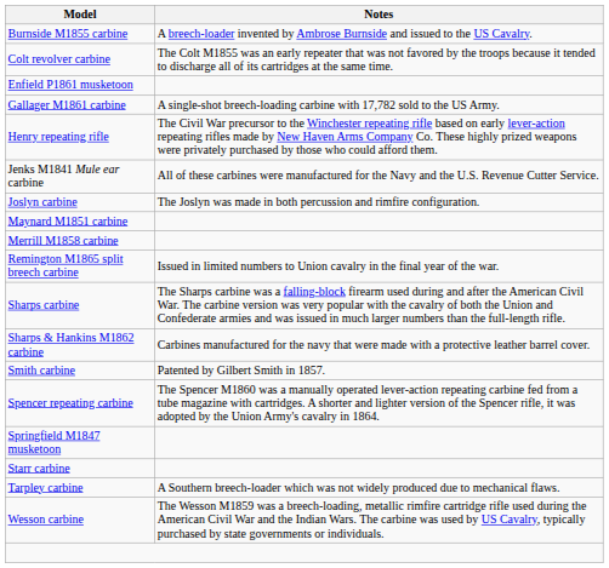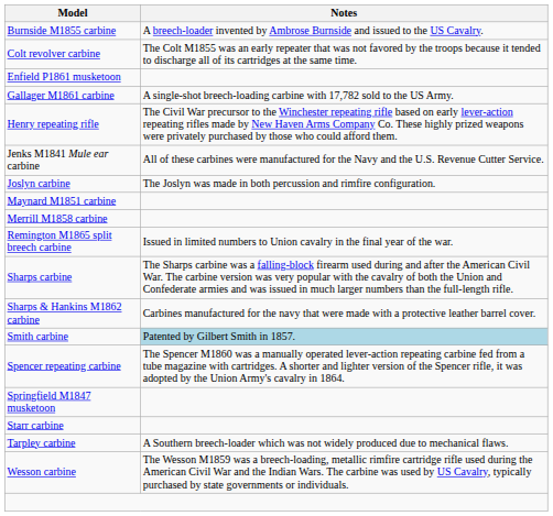 <table class="wikitable" style="width:90%;">
 <tr>
 <th style="width:25%;">Model</th>
 <th>Notes</th>
 </tr>
 <tr>
 <td><a href='#'>Burnside M1855 carbine</a></td>
 <td>A <a href='#'>breech-loader</a> invented by <a href='#'>Ambrose Burnside</a> and issued to the <a href='#'>US Cavalry</a>.</td>
 </tr>
 <tr>
 <td><a href='#'>Colt revolver carbine</a></td>
 <td>The Colt M1855 was an early repeater that was not favored by the troops because it tended to discharge all of its cartridges at the same time.</td>
 </tr>
 <tr>
 <td><a href='#'>Enfield P1861 musketoon</a></td>
 <td></td>
 </tr>
 <tr>
 <td><a href='#'>Gallager M1861 carbine</a></td>
 <td>A single-shot breech-loading carbine with 17,782 sold to the US Army.</td>
 </tr>
 <tr>
 <td><a href='#'>Henry repeating rifle</a></td>
 <td>The Civil War precursor to the <a href='#'>Winchester repeating rifle</a> based on early <a href='#'>lever-action</a> repeating rifles made by <a href='#'>New Haven Arms Company</a> Co. These highly prized weapons were privately purchased by those who could afford them.</td>
 </tr>
 <tr>
 <td>Jenks M1841 <em>Mule ear</em> carbine</td>
 <td>All of these carbines were manufactured for the Navy and the U.S. Revenue Cutter Service.</td>
 </tr>
 <tr>
 <td><a href='#'>Joslyn carbine</a></td>
 <td>The Joslyn was made in both percussion and rimfire configuration.</td>
 </tr>
 <tr>
 <td><a href='#'>Maynard M1851 carbine</a></td>
 <td></td>
 </tr>
 <tr>
 <td><a href='#'>Merrill M1858 carbine</a></td>
 <td></td>
 </tr>
 <tr>
 <td><a href='#'>Remington M1865 split breech carbine</a></td>
 <td>Issued in limited numbers to Union cavalry in the final year of the war.</td>
 </tr>
 <tr>
 <td><a href='#'>Sharps carbine</a></td>
 <td>The Sharps carbine was a <a href='#'>falling-block</a> firearm used during and after the American Civil War. The carbine version was very popular with the cavalry of both the Union and Confederate armies and was issued in much larger numbers than the full-length rifle.</td>
 </tr>
 <tr>
 <td><a href='#'>Sharps & Hankins M1862 carbine</a></td>
 <td>Carbines manufactured for the navy that were made with a protective leather barrel cover.</td>
 </tr>
 <tr>
 <td><a href='#'>Smith carbine</a></td>
-<td>Patented by Gilbert Smith in 1857.</td>
+<td style="background: lightblue;">Patented by Gilbert Smith in 1857.</td>
 </tr>
 <tr>
 <td><a href='#'>Spencer repeating carbine</a></td>
 <td>The Spencer M1860 was a manually operated lever-action repeating carbine fed from a tube magazine with cartridges. A shorter and lighter version of the Spencer rifle, it was adopted by the Union Army's cavalry in 1864.</td>
 </tr>
 <tr>
 <td><a href='#'>Springfield M1847 musketoon</a></td>
 <td></td>
 </tr>
 <tr>
 <td><a href='#'>Starr carbine</a></td>
 <td></td>
 </tr>
 <tr>
 <td><a href='#'>Tarpley carbine</a></td>
 <td>A Southern breech-loader which was not widely produced due to mechanical flaws.</td>
 </tr>
 <tr>
 <td><a href='#'>Wesson carbine</a></td>
 <td>The Wesson M1859 was a breech-loading, metallic rimfire cartridge rifle used during the American Civil War and the Indian Wars. The carbine was used by <a href='#'>US Cavalry</a>, typically purchased by state governments or individuals.</td>
 </tr>
 <tr>
 <td colspan="5" style="text-align:center;"><br></td>
 </tr>
 </table>
